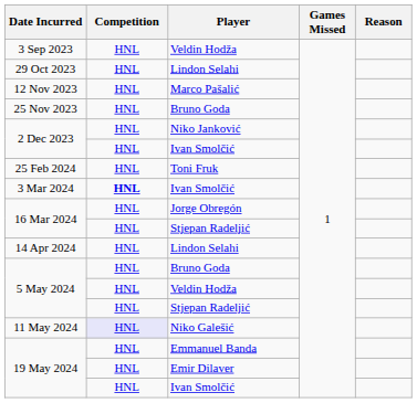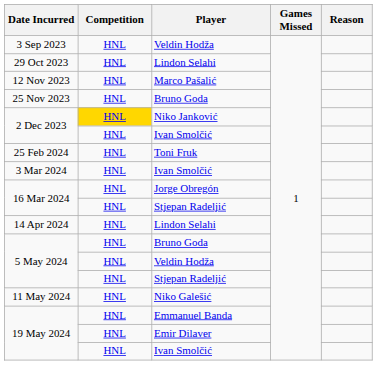 <table class="wikitable" style="font-size: 90%; text-align: center;">
 <tr>
 <th width=90>Date Incurred</th>
 <th width=90>Competition</th>
 <th width=150>Player</th>
 <th width=60>Games Missed</th>
 <th width=60>Reason</th>
 </tr>
 <tr>
 <td>3 Sep 2023</td>
 <td><a href='#'>HNL</a></td>
 <td style="text-align:left;"> <a href='#'>Veldin Hodža</a></td>
 <td rowspan=18>1</td>
 <td>  </td>
 </tr>
 <tr>
 <td>29 Oct 2023</td>
 <td><a href='#'>HNL</a></td>
 <td style="text-align:left;"> <a href='#'>Lindon Selahi</a></td>
 <td>  </td>
 </tr>
 <tr>
 <td>12 Nov 2023</td>
 <td><a href='#'>HNL</a></td>
 <td style="text-align:left;"> <a href='#'>Marco Pašalić</a></td>
 <td>  </td>
 </tr>
 <tr>
 <td>25 Nov 2023</td>
 <td><a href='#'>HNL</a></td>
 <td style="text-align:left;"> <a href='#'>Bruno Goda</a></td>
 <td>  </td>
 </tr>
 <tr>
 <td rowspan=2>2 Dec 2023</td>
-<td><a href='#'>HNL</a></td>
+<td style="background: gold;"><a href='#'>HNL</a></td>
 <td style="text-align:left;"> <a href='#'>Niko Janković</a></td>
 <td>  </td>
 </tr>
 <tr>
 <td><a href='#'>HNL</a></td>
 <td style="text-align:left;"> <a href='#'>Ivan Smolčić</a></td>
 <td>  </td>
 </tr>
 <tr>
 <td>25 Feb 2024</td>
 <td><a href='#'>HNL</a></td>
 <td style="text-align:left;"> <a href='#'>Toni Fruk</a></td>
 <td>  </td>
 </tr>
 <tr>
 <td>3 Mar 2024</td>
-<td><strong><a href='#'>HNL</a></strong></td>
+<td><a href='#'>HNL</a></td>
 <td style="text-align:left;"> <a href='#'>Ivan Smolčić</a></td>
 <td>  </td>
 </tr>
 <tr>
 <td rowspan=2>16 Mar 2024</td>
 <td><a href='#'>HNL</a></td>
 <td style="text-align:left;"> <a href='#'>Jorge Obregón</a></td>
 <td>  </td>
 </tr>
 <tr>
 <td><a href='#'>HNL</a></td>
 <td style="text-align:left;"> <a href='#'>Stjepan Radeljić</a></td>
 <td>  </td>
 </tr>
 <tr>
 <td>14 Apr 2024</td>
 <td><a href='#'>HNL</a></td>
 <td style="text-align:left;"> <a href='#'>Lindon Selahi</a></td>
 <td>  </td>
 </tr>
 <tr>
 <td rowspan=3>5 May 2024</td>
 <td><a href='#'>HNL</a></td>
 <td style="text-align:left;"> <a href='#'>Bruno Goda</a></td>
 <td>  </td>
 </tr>
 <tr>
 <td><a href='#'>HNL</a></td>
 <td style="text-align:left;"> <a href='#'>Veldin Hodža</a></td>
 <td>  </td>
 </tr>
 <tr>
 <td><a href='#'>HNL</a></td>
 <td style="text-align:left;"> <a href='#'>Stjepan Radeljić</a></td>
 <td>  </td>
 </tr>
 <tr>
 <td>11 May 2024</td>
-<td style="background: lavender;"><a href='#'>HNL</a></td>
+<td><a href='#'>HNL</a></td>
 <td style="text-align:left;"> <a href='#'>Niko Galešić</a></td>
 <td>  </td>
 </tr>
 <tr>
 <td rowspan=3>19 May 2024</td>
 <td><a href='#'>HNL</a></td>
 <td style="text-align:left;"> <a href='#'>Emmanuel Banda</a></td>
 <td>  </td>
 </tr>
 <tr>
 <td><a href='#'>HNL</a></td>
 <td style="text-align:left;"> <a href='#'>Emir Dilaver</a></td>
 <td>  </td>
 </tr>
 <tr>
 <td><a href='#'>HNL</a></td>
 <td style="text-align:left;"> <a href='#'>Ivan Smolčić</a></td>
 <td>  </td>
 </tr>
 </table>
